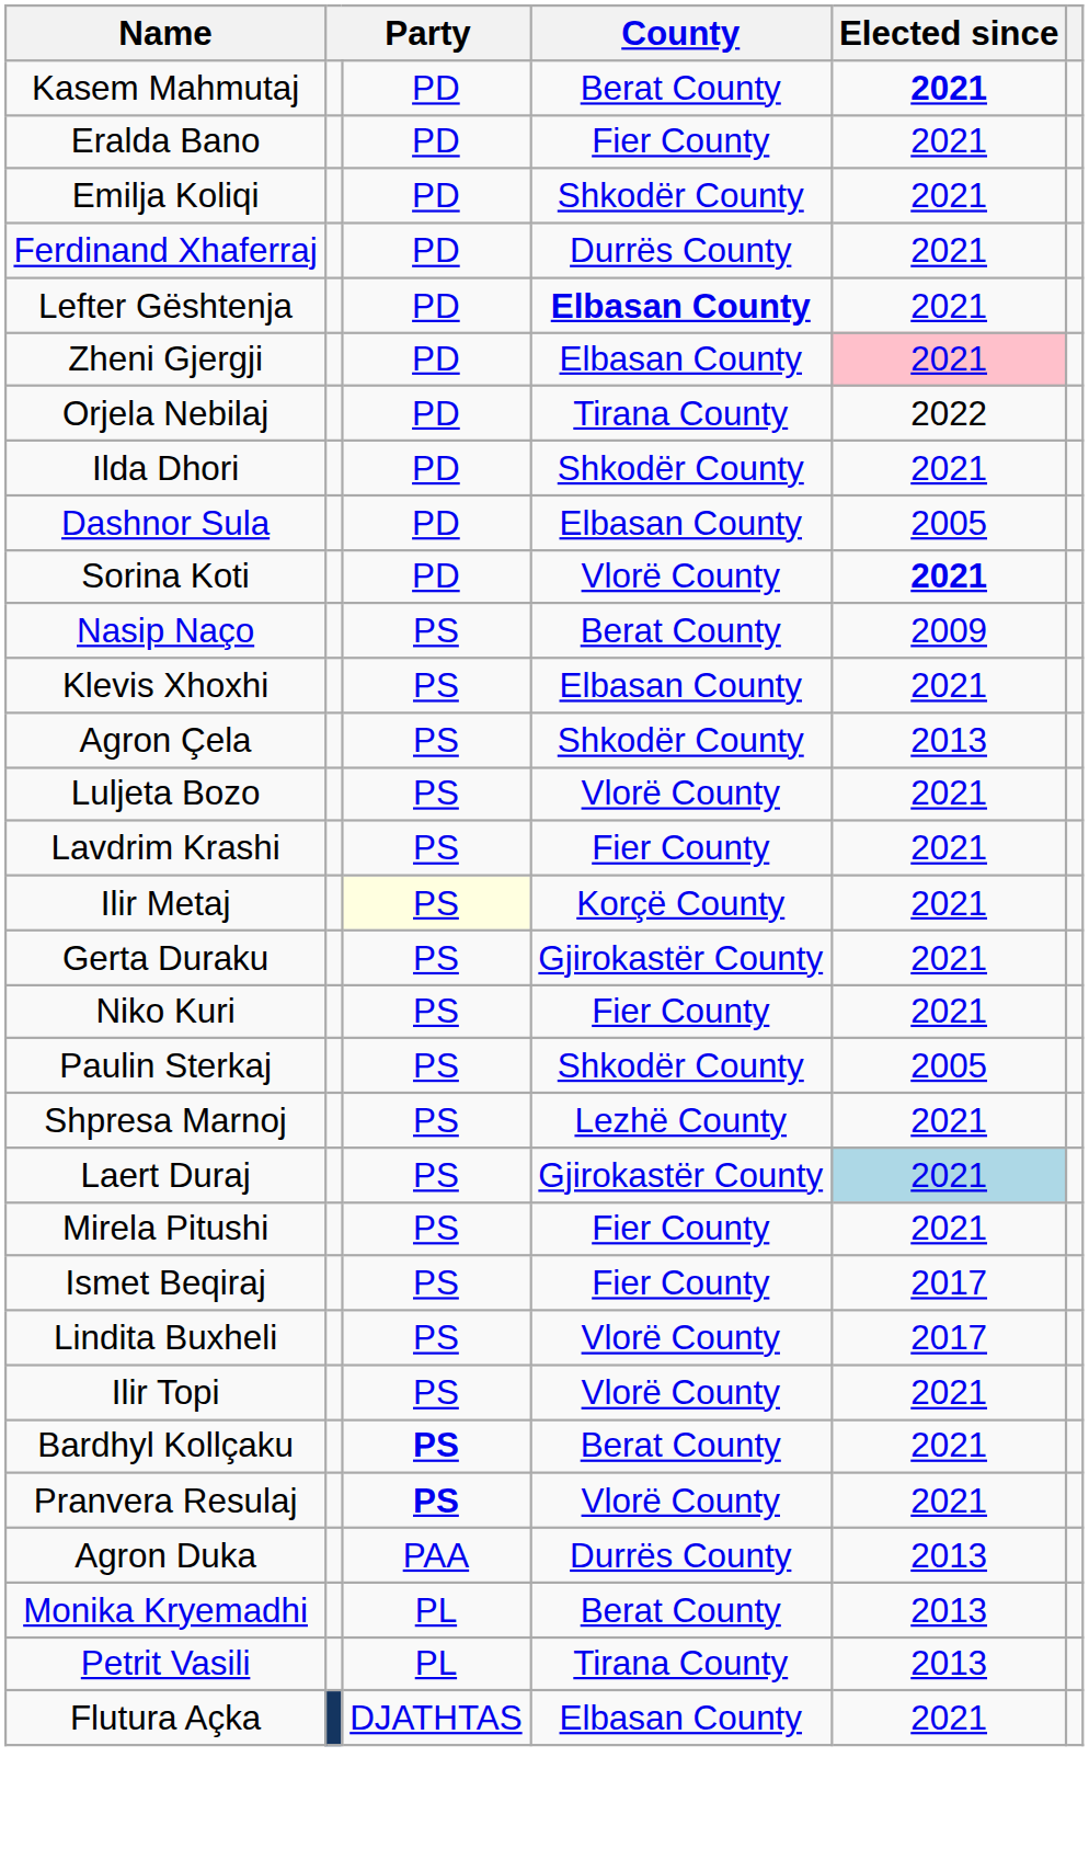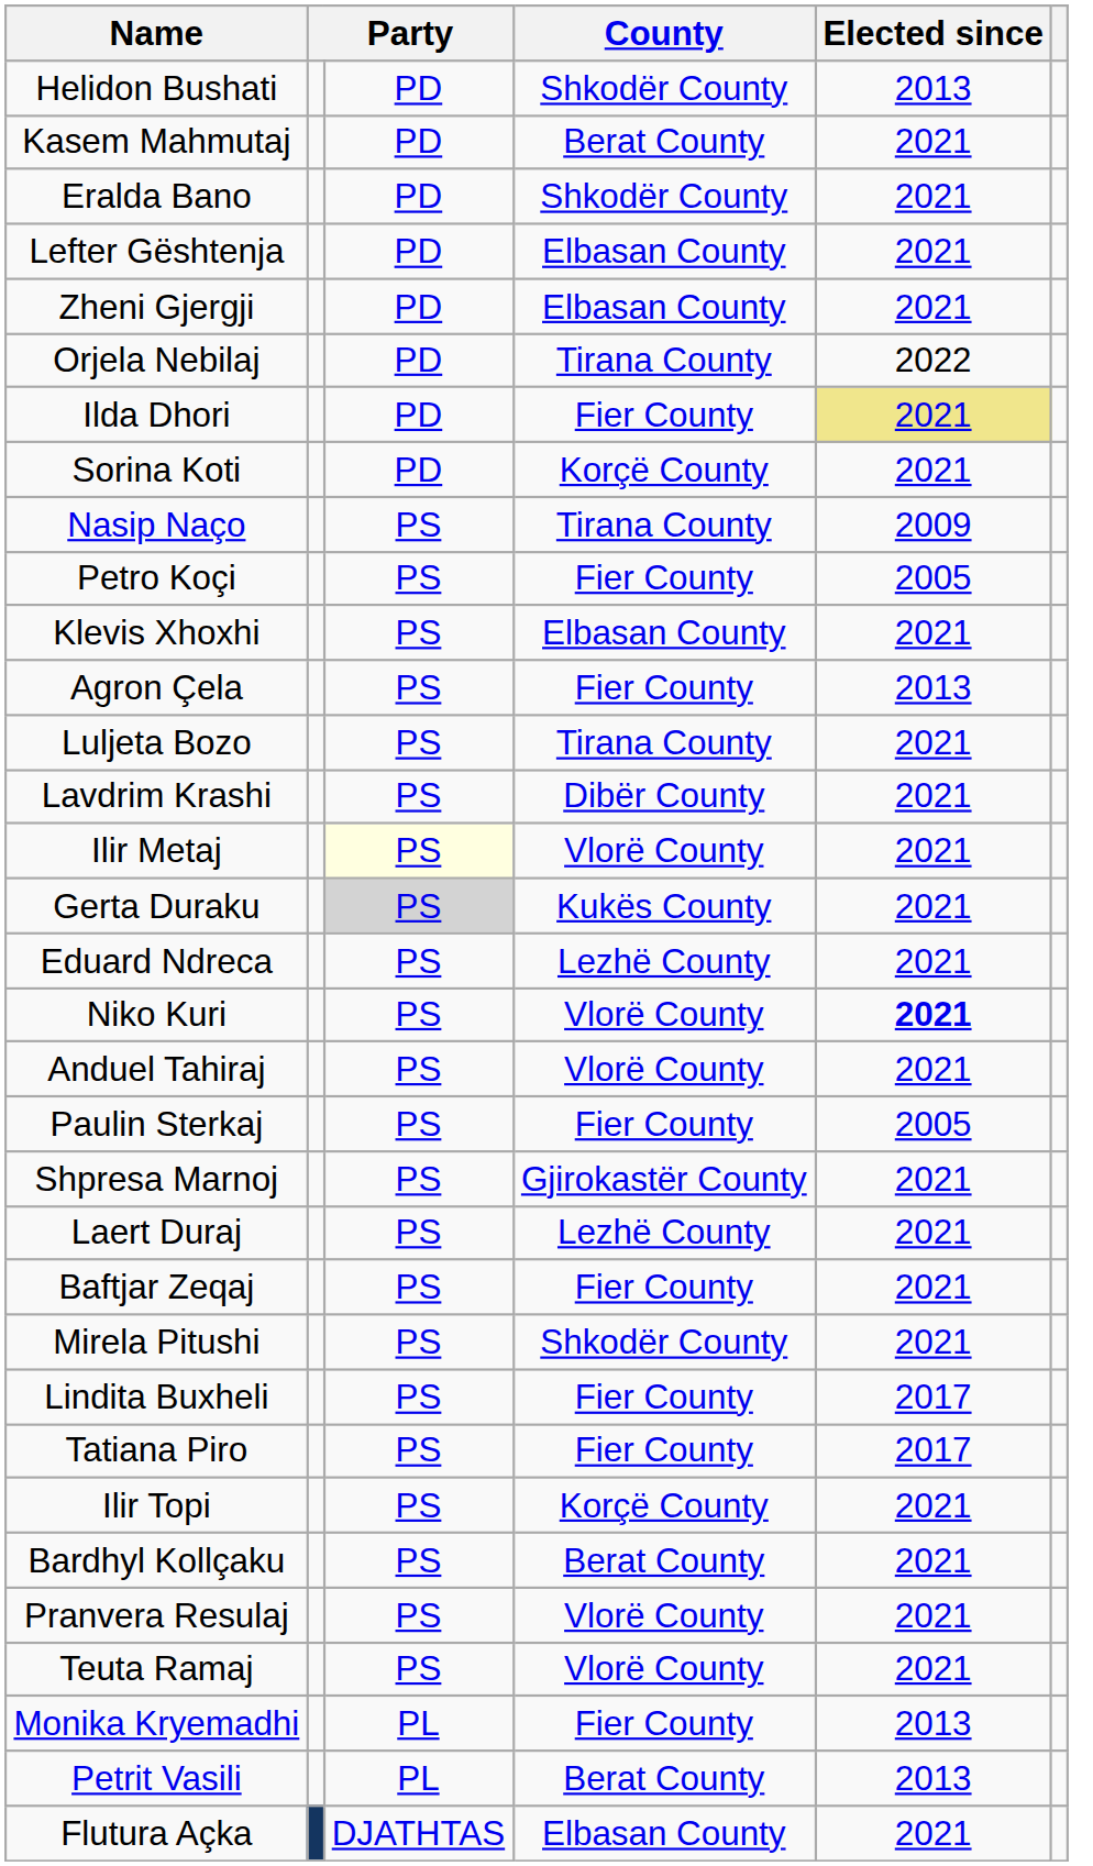 <table class="wikitable sortable" style="font-size:90%; text-align:center">
 <tr>
 <th>Name</th>
 <th colspan="2">Party</th>
 <th><a href='#'>County</a></th>
 <th>Elected since</th>
 <th></th>
 </tr>
 <tr>
+<td>Helidon Bushati</td>
+<td style="background:"></td>
+<td><a href='#'>PD</a></td>
+<td><a href='#'>Shkodër County</a></td>
+<td><a href='#'>2013</a></td>
+<td></td>
+</tr>
+<tr>
 <td>Kasem Mahmutaj</td>
 <td style="background:"></td>
 <td><a href='#'>PD</a></td>
 <td><a href='#'>Berat County</a></td>
-<td><strong><a href='#'>2021</a></strong></td>
+<td><a href='#'>2021</a></td>
 <td></td>
 </tr>
 <tr>
 <td>Eralda Bano</td>
-<td style="background:"></td>
-<td><a href='#'>PD</a></td>
-<td><a href='#'>Fier County</a></td>
-<td><a href='#'>2021</a></td>
-<td></td>
-</tr>
-<tr>
-<td>Emilja Koliqi</td>
 <td style="background:"></td>
 <td><a href='#'>PD</a></td>
 <td><a href='#'>Shkodër County</a></td>
 <td><a href='#'>2021</a></td>
 <td></td>
 </tr>
 <tr>
-<td><a href='#'>Ferdinand Xhaferraj</a></td>
-<td style="background:"></td>
-<td><a href='#'>PD</a></td>
-<td><a href='#'>Durrës County</a></td>
-<td><a href='#'>2021</a></td>
-<td></td>
-</tr>
-<tr>
 <td>Lefter Gështenja</td>
 <td style="background:"></td>
 <td><a href='#'>PD</a></td>
-<td><strong><a href='#'>Elbasan County</a></strong></td>
+<td><a href='#'>Elbasan County</a></td>
 <td><a href='#'>2021</a></td>
 <td></td>
 </tr>
 <tr>
 <td>Zheni Gjergji</td>
 <td style="background:"></td>
 <td><a href='#'>PD</a></td>
 <td><a href='#'>Elbasan County</a></td>
-<td style="background: pink;"><a href='#'>2021</a></td>
+<td><a href='#'>2021</a></td>
 <td></td>
 </tr>
 <tr>
 <td>Orjela Nebilaj</td>
 <td style="background:"></td>
 <td><a href='#'>PD</a></td>
 <td><a href='#'>Tirana County</a></td>
 <td>2022</td>
 <td></td>
 </tr>
 <tr>
 <td>Ilda Dhori</td>
 <td style="background:"></td>
 <td><a href='#'>PD</a></td>
-<td><a href='#'>Shkodër County</a></td>
-<td><a href='#'>2021</a></td>
-<td></td>
-</tr>
-<tr>
-<td><a href='#'>Dashnor Sula</a></td>
-<td style="background:"></td>
-<td><a href='#'>PD</a></td>
-<td><a href='#'>Elbasan County</a></td>
-<td><a href='#'>2005</a></td>
+<td><a href='#'>Fier County</a></td>
+<td style="background: khaki;"><a href='#'>2021</a></td>
 <td></td>
 </tr>
 <tr>
 <td>Sorina Koti</td>
 <td style="background:"></td>
 <td><a href='#'>PD</a></td>
-<td><a href='#'>Vlorë County</a></td>
-<td><strong><a href='#'>2021</a></strong></td>
+<td><a href='#'>Korçë County</a></td>
+<td><a href='#'>2021</a></td>
 <td></td>
 </tr>
 <tr>
 <td><a href='#'>Nasip Naço</a></td>
 <td style="background:"></td>
 <td><a href='#'>PS</a></td>
-<td><a href='#'>Berat County</a></td>
+<td><a href='#'>Tirana County</a></td>
 <td><a href='#'>2009</a></td>
+<td></td>
+</tr>
+<tr>
+<td>Petro Koçi</td>
+<td style="background:"></td>
+<td><a href='#'>PS</a></td>
+<td><a href='#'>Fier County</a></td>
+<td><a href='#'>2005</a></td>
 <td></td>
 </tr>
 <tr>
 <td>Klevis Xhoxhi</td>
 <td style="background:"></td>
 <td><a href='#'>PS</a></td>
 <td><a href='#'>Elbasan County</a></td>
 <td><a href='#'>2021</a></td>
 <td></td>
 </tr>
 <tr>
 <td>Agron Çela</td>
 <td style="background:"></td>
 <td><a href='#'>PS</a></td>
-<td><a href='#'>Shkodër County</a></td>
+<td><a href='#'>Fier County</a></td>
 <td><a href='#'>2013</a></td>
 <td></td>
 </tr>
 <tr>
 <td>Luljeta Bozo</td>
 <td style="background:"></td>
 <td><a href='#'>PS</a></td>
-<td><a href='#'>Vlorë County</a></td>
+<td><a href='#'>Tirana County</a></td>
 <td><a href='#'>2021</a></td>
 <td></td>
 </tr>
 <tr>
 <td>Lavdrim Krashi</td>
 <td style="background:"></td>
 <td><a href='#'>PS</a></td>
-<td><a href='#'>Fier County</a></td>
+<td><a href='#'>Dibër County</a></td>
 <td><a href='#'>2021</a></td>
 <td></td>
 </tr>
 <tr>
 <td>Ilir Metaj</td>
 <td style="background:"></td>
 <td style="background: lightyellow;"><a href='#'>PS</a></td>
-<td><a href='#'>Korçë County</a></td>
+<td><a href='#'>Vlorë County</a></td>
 <td><a href='#'>2021</a></td>
 <td></td>
 </tr>
 <tr>
 <td>Gerta Duraku</td>
+<td style="background:"></td>
+<td style="background: lightgrey;"><a href='#'>PS</a></td>
+<td><a href='#'>Kukës County</a></td>
+<td><a href='#'>2021</a></td>
+<td></td>
+</tr>
+<tr>
+<td>Eduard Ndreca</td>
+<td style="background:"></td>
+<td><a href='#'>PS</a></td>
+<td><a href='#'>Lezhë County</a></td>
+<td><a href='#'>2021</a></td>
+<td></td>
+</tr>
+<tr>
+<td>Niko Kuri</td>
+<td style="background:"></td>
+<td><a href='#'>PS</a></td>
+<td><a href='#'>Vlorë County</a></td>
+<td><strong><a href='#'>2021</a></strong></td>
+<td></td>
+</tr>
+<tr>
+<td>Anduel Tahiraj</td>
+<td style="background:"></td>
+<td><a href='#'>PS</a></td>
+<td><a href='#'>Vlorë County</a></td>
+<td><a href='#'>2021</a></td>
+<td></td>
+</tr>
+<tr>
+<td>Paulin Sterkaj</td>
+<td style="background:"></td>
+<td><a href='#'>PS</a></td>
+<td><a href='#'>Fier County</a></td>
+<td><a href='#'>2005</a></td>
+<td></td>
+</tr>
+<tr>
+<td>Shpresa Marnoj</td>
 <td style="background:"></td>
 <td><a href='#'>PS</a></td>
 <td><a href='#'>Gjirokastër County</a></td>
 <td><a href='#'>2021</a></td>
 <td></td>
 </tr>
 <tr>
-<td>Niko Kuri</td>
+<td>Laert Duraj</td>
+<td style="background:"></td>
+<td><a href='#'>PS</a></td>
+<td><a href='#'>Lezhë County</a></td>
+<td><a href='#'>2021</a></td>
+<td></td>
+</tr>
+<tr>
+<td>Baftjar Zeqaj</td>
 <td style="background:"></td>
 <td><a href='#'>PS</a></td>
 <td><a href='#'>Fier County</a></td>
 <td><a href='#'>2021</a></td>
 <td></td>
 </tr>
 <tr>
-<td>Paulin Sterkaj</td>
+<td>Mirela Pitushi</td>
 <td style="background:"></td>
 <td><a href='#'>PS</a></td>
 <td><a href='#'>Shkodër County</a></td>
-<td><a href='#'>2005</a></td>
-<td></td>
-</tr>
-<tr>
-<td>Shpresa Marnoj</td>
-<td style="background:"></td>
-<td><a href='#'>PS</a></td>
-<td><a href='#'>Lezhë County</a></td>
 <td><a href='#'>2021</a></td>
 <td></td>
 </tr>
 <tr>
-<td>Laert Duraj</td>
-<td style="background:"></td>
-<td><a href='#'>PS</a></td>
-<td><a href='#'>Gjirokastër County</a></td>
-<td style="background: lightblue;"><a href='#'>2021</a></td>
-<td></td>
-</tr>
-<tr>
-<td>Mirela Pitushi</td>
-<td style="background:"></td>
-<td><a href='#'>PS</a></td>
-<td><a href='#'>Fier County</a></td>
-<td><a href='#'>2021</a></td>
-<td></td>
-</tr>
-<tr>
-<td>Ismet Beqiraj</td>
+<td>Lindita Buxheli</td>
 <td style="background:"></td>
 <td><a href='#'>PS</a></td>
 <td><a href='#'>Fier County</a></td>
 <td><a href='#'>2017</a></td>
 <td></td>
 </tr>
 <tr>
-<td>Lindita Buxheli</td>
+<td>Tatiana Piro</td>
 <td style="background:"></td>
 <td><a href='#'>PS</a></td>
-<td><a href='#'>Vlorë County</a></td>
+<td><a href='#'>Fier County</a></td>
 <td><a href='#'>2017</a></td>
 <td></td>
 </tr>
 <tr>
 <td>Ilir Topi</td>
 <td style="background:"></td>
 <td><a href='#'>PS</a></td>
-<td><a href='#'>Vlorë County</a></td>
+<td><a href='#'>Korçë County</a></td>
 <td><a href='#'>2021</a></td>
 <td></td>
 </tr>
 <tr>
 <td>Bardhyl Kollçaku</td>
 <td style="background:"></td>
-<td><strong><a href='#'>PS</a></strong></td>
+<td><a href='#'>PS</a></td>
 <td><a href='#'>Berat County</a></td>
 <td><a href='#'>2021</a></td>
 <td></td>
 </tr>
 <tr>
 <td>Pranvera Resulaj</td>
 <td style="background:"></td>
-<td><strong><a href='#'>PS</a></strong></td>
+<td><a href='#'>PS</a></td>
 <td><a href='#'>Vlorë County</a></td>
 <td><a href='#'>2021</a></td>
 <td></td>
 </tr>
 <tr>
-<td>Agron Duka</td>
+<td>Teuta Ramaj</td>
 <td style="background:"></td>
-<td><a href='#'>PAA</a></td>
-<td><a href='#'>Durrës County</a></td>
-<td><a href='#'>2013</a></td>
+<td><a href='#'>PS</a></td>
+<td><a href='#'>Vlorë County</a></td>
+<td><a href='#'>2021</a></td>
 <td></td>
 </tr>
 <tr>
 <td><a href='#'>Monika Kryemadhi</a></td>
 <td style="background:"></td>
 <td><a href='#'>PL</a></td>
-<td><a href='#'>Berat County</a></td>
+<td><a href='#'>Fier County</a></td>
 <td><a href='#'>2013</a></td>
 <td></td>
 </tr>
 <tr>
 <td><a href='#'>Petrit Vasili</a></td>
 <td style="background:"></td>
 <td><a href='#'>PL</a></td>
-<td><a href='#'>Tirana County</a></td>
+<td><a href='#'>Berat County</a></td>
 <td><a href='#'>2013</a></td>
 <td></td>
 </tr>
 <tr>
 <td>Flutura Açka</td>
 <td style="background:#143560"></td>
 <td><a href='#'>DJATHTAS</a></td>
 <td><a href='#'>Elbasan County</a></td>
 <td><a href='#'>2021</a></td>
 <td></td>
 </tr>
 </table>
